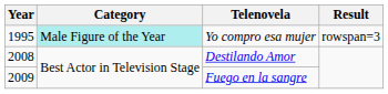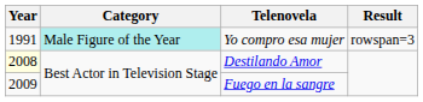 <table class="wikitable">
 <tr>
 <th>Year</th>
 <th>Category</th>
 <th>Telenovela</th>
 <th>Result</th>
 </tr>
 <tr>
-<td>1995</td>
+<td>1991</td>
 <td style="background: paleturquoise;">Male Figure of the Year</td>
 <td><em>Yo compro esa mujer</em></td>
 <td>rowspan=3 </td>
 </tr>
 <tr>
-<td>2008</td>
+<td style="background: lightyellow;">2008</td>
 <td rowspan=2>Best Actor in Television Stage</td>
 <td><em><a href='#'>Destilando Amor</a></em></td>
 </tr>
 <tr>
 <td>2009</td>
 <td><em><a href='#'>Fuego en la sangre</a></em></td>
 </tr>
 </table>
